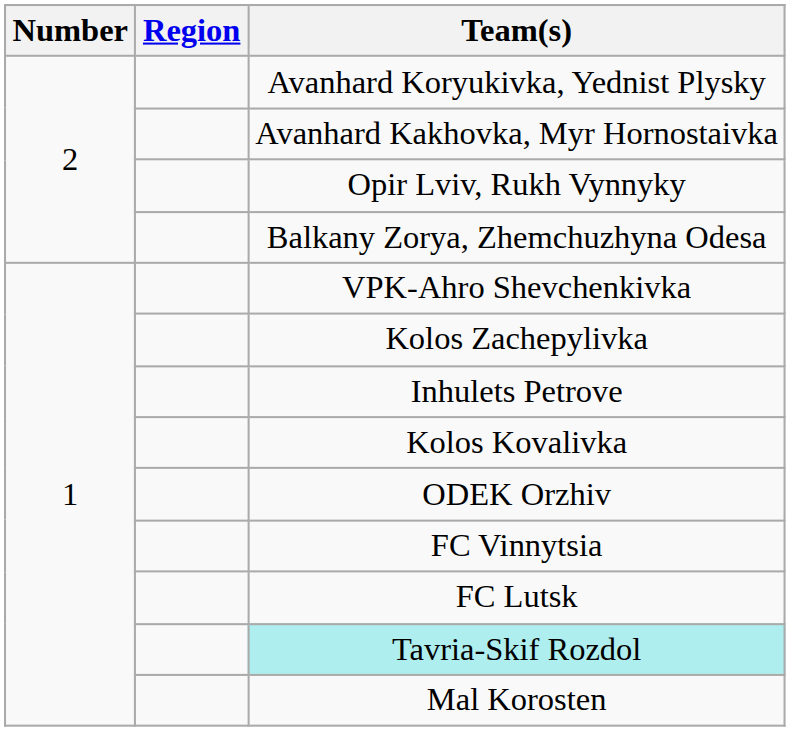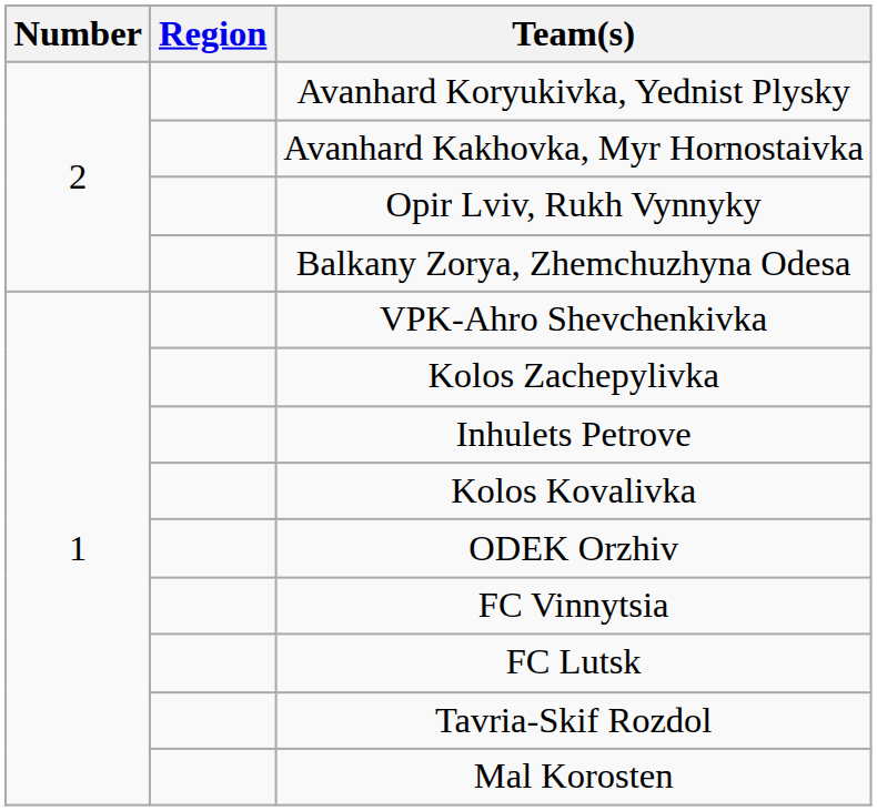 <table class="wikitable" style="text-align:center">
 <tr>
 <th>Number</th>
 <th><a href='#'>Region</a></th>
 <th>Team(s)</th>
 </tr>
 <tr>
 <td rowspan="4">2</td>
 <td align="left"></td>
 <td>Avanhard Koryukivka, Yednist Plysky</td>
 </tr>
 <tr>
 <td align="left"></td>
 <td>Avanhard Kakhovka, Myr Hornostaivka</td>
 </tr>
 <tr>
 <td align="left"></td>
 <td>Opir Lviv, Rukh Vynnyky</td>
 </tr>
 <tr>
 <td align="left"></td>
 <td>Balkany Zorya, Zhemchuzhyna Odesa</td>
 </tr>
 <tr>
 <td rowspan="13">1</td>
 <td align="left"></td>
 <td>VPK-Ahro Shevchenkivka</td>
 </tr>
 <tr>
 <td align="left"></td>
 <td>Kolos Zachepylivka</td>
 </tr>
 <tr>
 <td align="left"></td>
 <td>Inhulets Petrove</td>
 </tr>
 <tr>
 <td align="left"></td>
 <td>Kolos Kovalivka</td>
 </tr>
 <tr>
 <td align="left"></td>
 <td>ODEK Orzhiv</td>
 </tr>
 <tr>
 <td align="left"></td>
 <td>FC Vinnytsia</td>
 </tr>
 <tr>
 <td align="left"></td>
 <td>FC Lutsk</td>
 </tr>
 <tr>
 <td align="left"></td>
-<td style="background: paleturquoise;">Tavria-Skif Rozdol</td>
+<td>Tavria-Skif Rozdol</td>
 </tr>
 <tr>
 <td align="left"></td>
 <td>Mal Korosten</td>
 </tr>
 </table>
